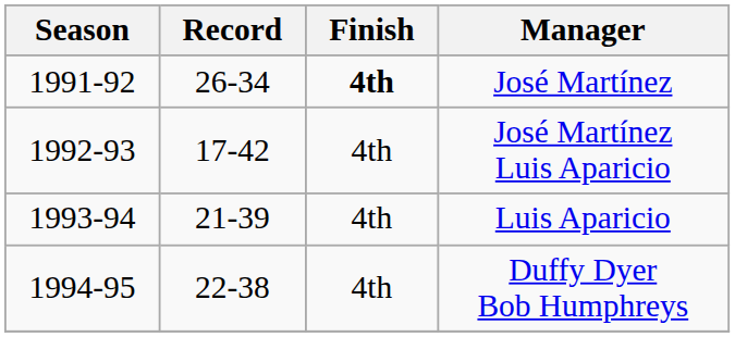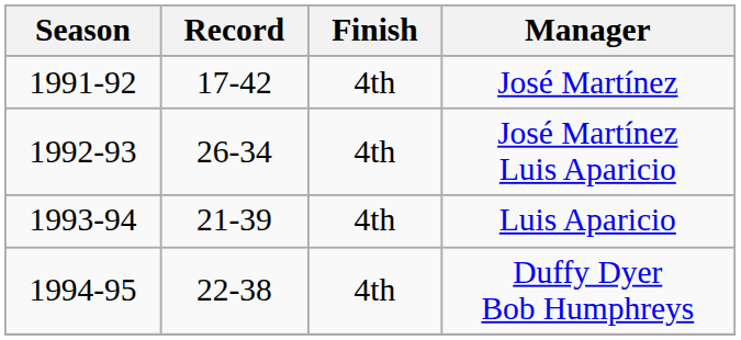 <table class="wikitable">
 <tr style="background: #F2F2F2;">
 <th>Season</th>
 <th>  Record  </th>
 <th>  Finish  </th>
 <th>Manager</th>
 </tr>
 <tr align=center>
 <td>  1991-92  </td>
-<td>26-34</td>
-<td><strong>4th</strong></td>
+<td>17-42</td>
+<td>4th</td>
 <td><a href='#'>José Martínez</a></td>
 </tr>
 <tr align=center>
 <td>1992-93</td>
-<td>17-42</td>
+<td>26-34</td>
 <td>4th</td>
 <td><a href='#'>José Martínez</a><br><a href='#'>Luis Aparicio</a></td>
 </tr>
 <tr align=center>
 <td>1993-94</td>
 <td>21-39</td>
 <td>4th</td>
 <td><a href='#'>Luis Aparicio</a></td>
 </tr>
 <tr align=center>
 <td>1994-95</td>
 <td>22-38</td>
 <td>4th</td>
 <td><a href='#'>Duffy Dyer</a><br>    <a href='#'>Bob Humphreys</a>    </td>
 </tr>
 <tr align=center>
 </tr>
 </table>
